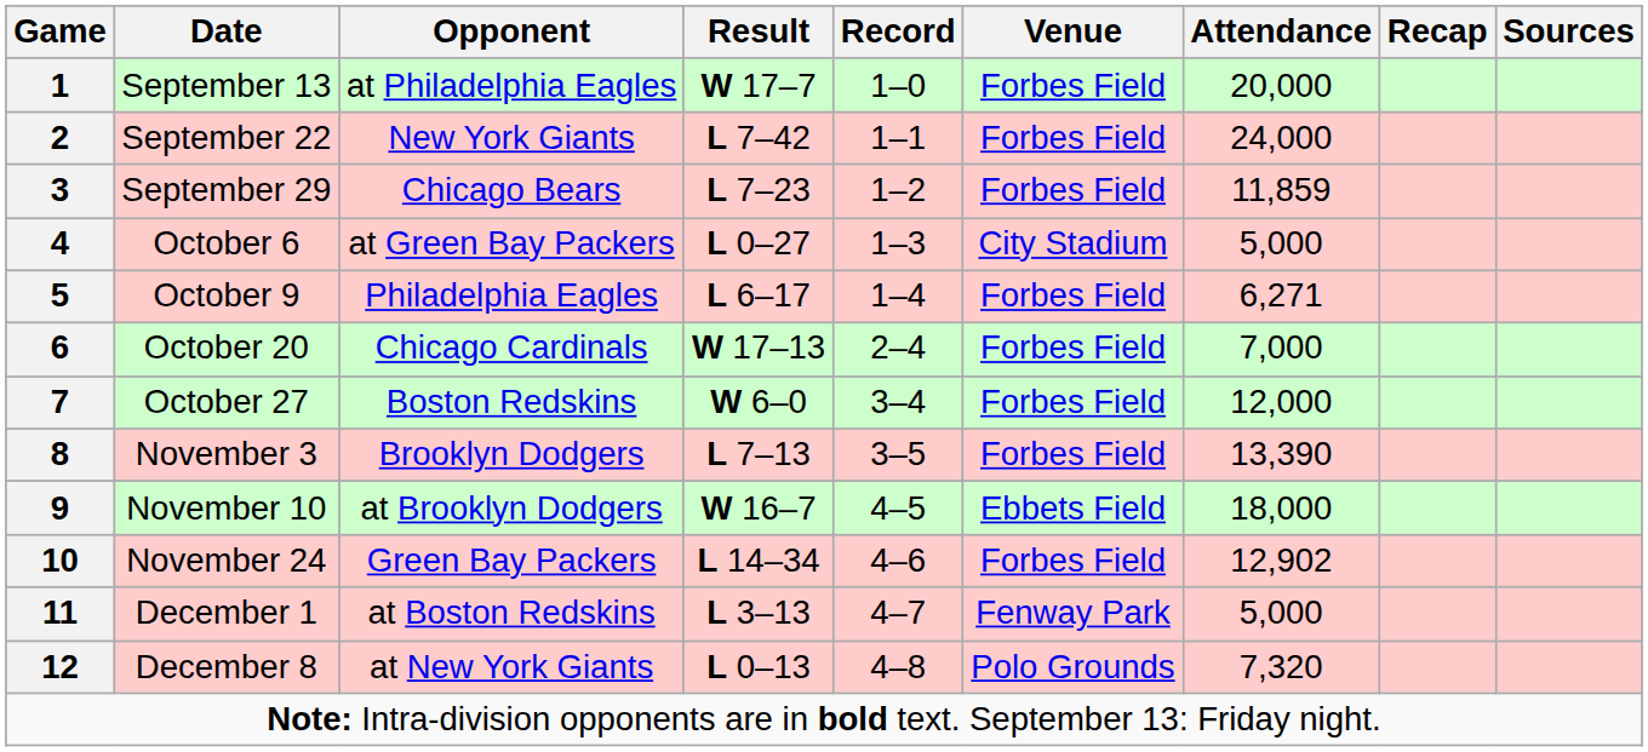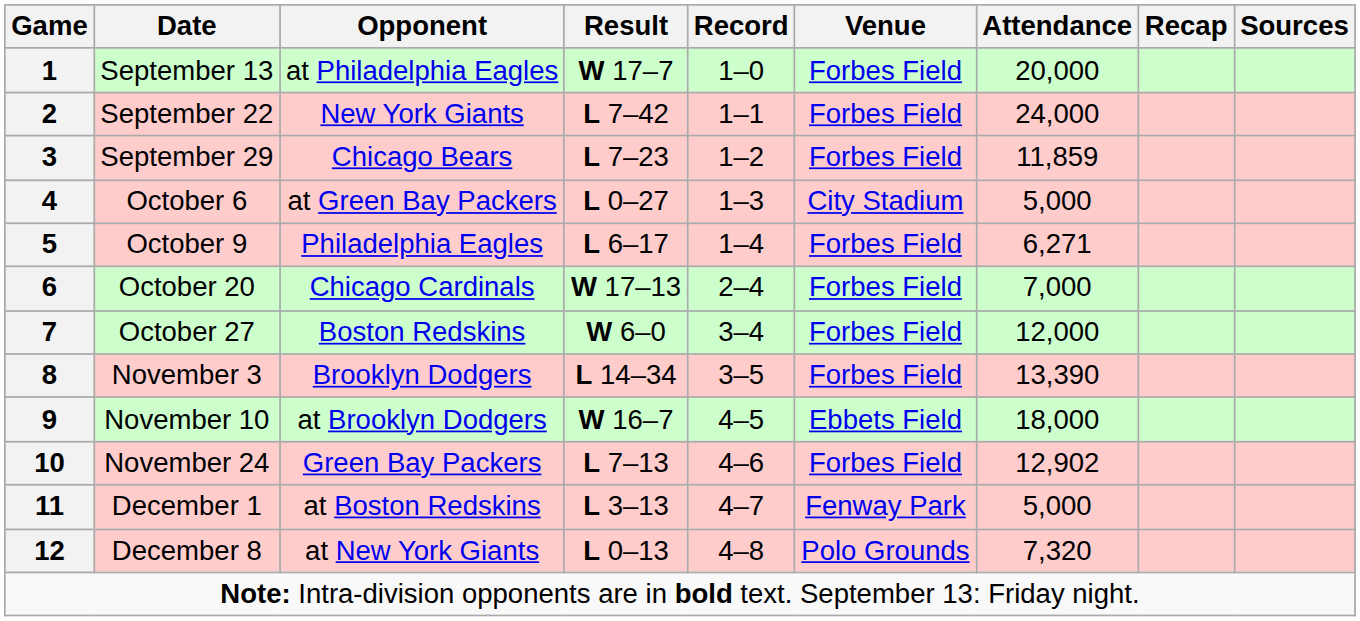 <table class="wikitable" style="text-align:center">
 <tr>
 <th>Game</th>
 <th>Date</th>
 <th>Opponent</th>
 <th>Result</th>
 <th>Record</th>
 <th>Venue</th>
 <th>Attendance</th>
 <th>Recap</th>
 <th>Sources</th>
 </tr>
 <tr style="background:#cfc">
 <th>1</th>
 <td>September 13</td>
 <td>at <a href='#'>Philadelphia Eagles</a></td>
 <td><strong>W</strong> 17–7</td>
 <td>1–0</td>
 <td><a href='#'>Forbes Field</a></td>
 <td>20,000</td>
 <td></td>
 <td></td>
 </tr>
 <tr style="background:#fcc">
 <th>2</th>
 <td>September 22</td>
 <td><a href='#'>New York Giants</a></td>
 <td><strong>L</strong> 7–42</td>
 <td>1–1</td>
 <td><a href='#'>Forbes Field</a></td>
 <td>24,000</td>
 <td></td>
 <td></td>
 </tr>
 <tr style="background:#fcc">
 <th>3</th>
 <td>September 29</td>
 <td><a href='#'>Chicago Bears</a></td>
 <td><strong>L</strong> 7–23</td>
 <td>1–2</td>
 <td><a href='#'>Forbes Field</a></td>
 <td>11,859</td>
 <td></td>
 <td></td>
 </tr>
 <tr style="background:#fcc">
 <th>4</th>
 <td>October 6</td>
 <td>at <a href='#'>Green Bay Packers</a></td>
 <td><strong>L</strong> 0–27</td>
 <td>1–3</td>
 <td><a href='#'>City Stadium</a></td>
 <td>5,000</td>
 <td></td>
 <td></td>
 </tr>
 <tr style="background:#fcc">
 <th>5</th>
 <td>October 9</td>
 <td><a href='#'>Philadelphia Eagles</a></td>
 <td><strong>L</strong> 6–17</td>
 <td>1–4</td>
 <td><a href='#'>Forbes Field</a></td>
 <td>6,271</td>
 <td></td>
 <td></td>
 </tr>
 <tr style="background:#cfc">
 <th>6</th>
 <td>October 20</td>
 <td><a href='#'>Chicago Cardinals</a></td>
 <td><strong>W</strong> 17–13</td>
 <td>2–4</td>
 <td><a href='#'>Forbes Field</a></td>
 <td>7,000</td>
 <td></td>
 <td></td>
 </tr>
 <tr style="background:#cfc">
 <th>7</th>
 <td>October 27</td>
 <td><a href='#'>Boston Redskins</a></td>
 <td><strong>W</strong> 6–0</td>
 <td>3–4</td>
 <td><a href='#'>Forbes Field</a></td>
 <td>12,000</td>
 <td></td>
 <td></td>
 </tr>
 <tr style="background:#fcc">
 <th>8</th>
 <td>November 3</td>
 <td><a href='#'>Brooklyn Dodgers</a></td>
-<td><strong>L</strong> 7–13</td>
+<td><strong>L</strong> 14–34</td>
 <td>3–5</td>
 <td><a href='#'>Forbes Field</a></td>
 <td>13,390</td>
 <td></td>
 <td></td>
 </tr>
 <tr style="background:#cfc">
 <th>9</th>
 <td>November 10</td>
 <td>at <a href='#'>Brooklyn Dodgers</a></td>
 <td><strong>W</strong> 16–7</td>
 <td>4–5</td>
 <td><a href='#'>Ebbets Field</a></td>
 <td>18,000</td>
 <td></td>
 <td></td>
 </tr>
 <tr style="background:#fcc">
 <th>10</th>
 <td>November 24</td>
 <td><a href='#'>Green Bay Packers</a></td>
-<td><strong>L</strong> 14–34</td>
+<td><strong>L</strong> 7–13</td>
 <td>4–6</td>
 <td><a href='#'>Forbes Field</a></td>
 <td>12,902</td>
 <td></td>
 <td></td>
 </tr>
 <tr style="background:#fcc">
 <th>11</th>
 <td>December 1</td>
 <td>at <a href='#'>Boston Redskins</a></td>
 <td><strong>L</strong> 3–13</td>
 <td>4–7</td>
 <td><a href='#'>Fenway Park</a></td>
 <td>5,000</td>
 <td></td>
 <td></td>
 </tr>
 <tr style="background:#fcc">
 <th>12</th>
 <td>December 8</td>
 <td>at <a href='#'>New York Giants</a></td>
 <td><strong>L</strong> 0–13</td>
 <td>4–8</td>
 <td><a href='#'>Polo Grounds</a></td>
 <td>7,320</td>
 <td></td>
 <td></td>
 </tr>
 <tr>
 <td colspan="10"><strong>Note:</strong> Intra-division opponents are in <strong>bold</strong> text. September 13: Friday night.</td>
 </tr>
 </table>
